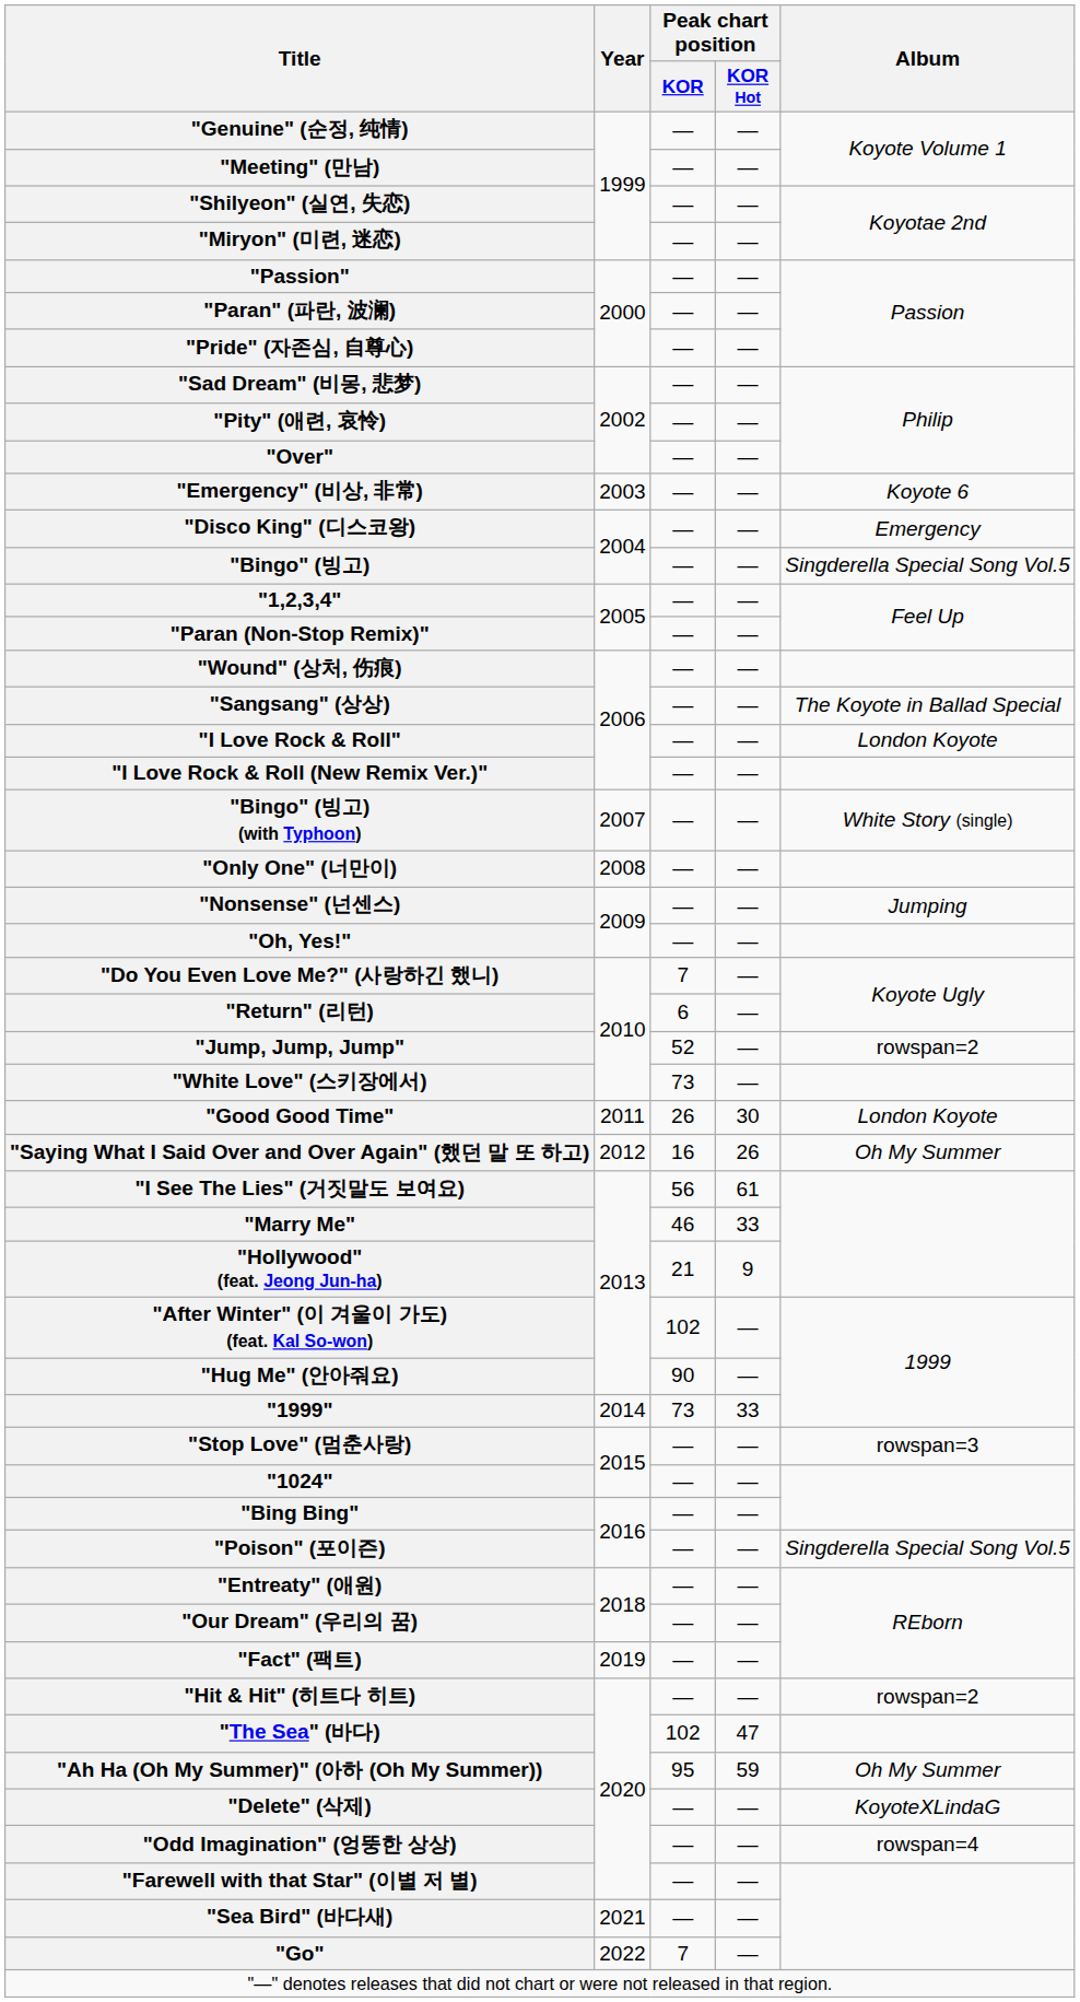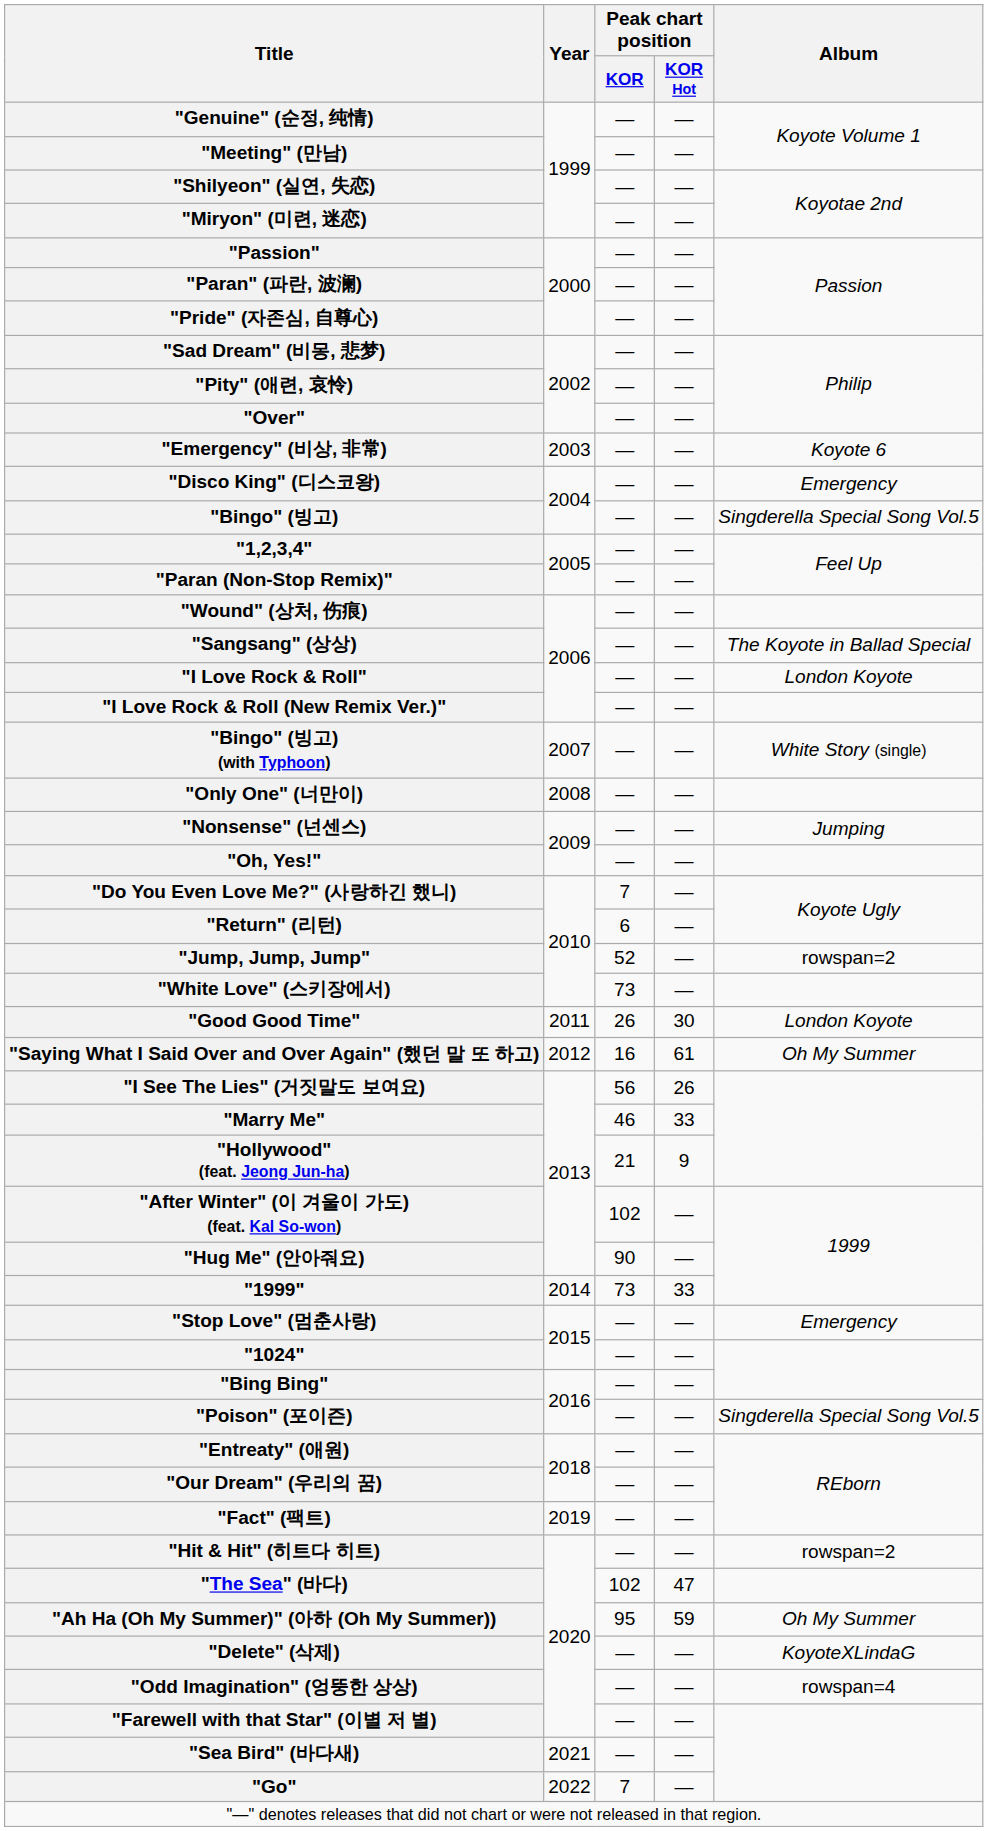 <table class="wikitable plainrowheaders" style="text-align:center;">
 <tr>
 <th scope="col" rowspan="2">Title</th>
 <th scope="col" rowspan="2">Year</th>
 <th scope="col" colspan="2">Peak chart position</th>
 <th scope="col" rowspan="2">Album</th>
 </tr>
 <tr>
 <th scope="col" style="width:3em;font-size:90%;"><a href='#'>KOR</a><br></th>
 <th scope="col" style="width:3em;font-size:90%;"><a href='#'>KOR<br><small>Hot</small></a><br></th>
 </tr>
 <tr>
 <th scope="row">"Genuine" (순정, 纯情)</th>
 <td rowspan="4">1999</td>
 <td>—</td>
 <td>—</td>
 <td rowspan="2"><em>Koyote Volume 1</em></td>
 </tr>
 <tr>
 <th scope="row">"Meeting" (만남)</th>
 <td>—</td>
 <td>—</td>
 </tr>
 <tr>
 <th scope="row">"Shilyeon" (실연, 失恋)</th>
 <td>—</td>
 <td>—</td>
 <td rowspan="2"><em>Koyotae 2nd</em></td>
 </tr>
 <tr>
 <th scope="row">"Miryon" (미련, 迷恋)</th>
 <td>—</td>
 <td>—</td>
 </tr>
 <tr>
 <th scope="row">"Passion"</th>
 <td rowspan="3">2000</td>
 <td>—</td>
 <td>—</td>
 <td rowspan="3"><em>Passion</em></td>
 </tr>
 <tr>
 <th scope="row">"Paran" (파란, 波澜)</th>
 <td>—</td>
 <td>—</td>
 </tr>
 <tr>
 <th scope="row">"Pride" (자존심, 自尊心)</th>
 <td>—</td>
 <td>—</td>
 </tr>
 <tr>
 <th scope="row">"Sad Dream" (비몽, 悲梦)</th>
 <td rowspan="3">2002</td>
 <td>—</td>
 <td>—</td>
 <td rowspan="3"><em>Philip</em></td>
 </tr>
 <tr>
 <th scope="row">"Pity" (애련, 哀怜)</th>
 <td>—</td>
 <td>—</td>
 </tr>
 <tr>
 <th scope="row">"Over"</th>
 <td>—</td>
 <td>—</td>
 </tr>
 <tr>
 <th scope="row">"Emergency" (비상, 非常)</th>
 <td>2003</td>
 <td>—</td>
 <td>—</td>
 <td><em>Koyote 6</em></td>
 </tr>
 <tr>
 <th scope="row">"Disco King" (디스코왕)</th>
 <td rowspan="2">2004</td>
 <td>—</td>
 <td>—</td>
 <td><em>Emergency</em></td>
 </tr>
 <tr>
 <th scope="row">"Bingo" (빙고)</th>
 <td>—</td>
 <td>—</td>
 <td><em>Singderella Special Song Vol.5</em></td>
 </tr>
 <tr>
 <th scope="row">"1,2,3,4"</th>
 <td rowspan="2">2005</td>
 <td>—</td>
 <td>—</td>
 <td rowspan="2"><em>Feel Up</em></td>
 </tr>
 <tr>
 <th scope="row">"Paran (Non-Stop Remix)"</th>
 <td>—</td>
 <td>—</td>
 </tr>
 <tr>
 <th scope="row">"Wound" (상처, 伤痕)</th>
 <td rowspan="4">2006</td>
 <td>—</td>
 <td>—</td>
 <td></td>
 </tr>
 <tr>
 <th scope="row">"Sangsang" (상상)</th>
 <td>—</td>
 <td>—</td>
 <td><em>The Koyote in Ballad Special</em></td>
 </tr>
 <tr>
 <th scope="row">"I Love Rock & Roll"</th>
 <td>—</td>
 <td>—</td>
 <td><em>London Koyote</em></td>
 </tr>
 <tr>
 <th scope="row">"I Love Rock & Roll (New Remix Ver.)"</th>
 <td>—</td>
 <td>—</td>
 <td></td>
 </tr>
 <tr>
 <th scope="row">"Bingo" (빙고)<br><small>(with <a href='#'>Typhoon</a>)</small></th>
 <td>2007</td>
 <td>—</td>
 <td>—</td>
 <td><em>White Story</em> <small>(single)</small></td>
 </tr>
 <tr>
 <th scope="row">"Only One" (너만이)</th>
 <td>2008</td>
 <td>—</td>
 <td>—</td>
 <td></td>
 </tr>
 <tr>
 <th scope="row">"Nonsense" (넌센스)</th>
 <td rowspan="2">2009</td>
 <td>—</td>
 <td>—</td>
 <td><em>Jumping</em></td>
 </tr>
 <tr>
 <th scope="row">"Oh, Yes!"</th>
 <td>—</td>
 <td>—</td>
 <td></td>
 </tr>
 <tr>
 <th scope="row">"Do You Even Love Me?" (사랑하긴 했니)</th>
 <td rowspan="4">2010</td>
 <td>7</td>
 <td>—</td>
 <td rowspan="2"><em>Koyote Ugly</em></td>
 </tr>
 <tr>
 <th scope="row">"Return" (리턴)</th>
 <td>6</td>
 <td>—</td>
 </tr>
 <tr>
 <th scope="row">"Jump, Jump, Jump"</th>
 <td>52</td>
 <td>—</td>
 <td>rowspan=2 </td>
 </tr>
 <tr>
 <th scope="row">"White Love" (스키장에서)</th>
 <td>73</td>
 <td>—</td>
 </tr>
 <tr>
 <th scope="row">"Good Good Time"</th>
 <td>2011</td>
 <td>26</td>
 <td>30</td>
 <td><em>London Koyote</em></td>
 </tr>
 <tr>
 <th scope="row">"Saying What I Said Over and Over Again" (했던 말 또 하고)</th>
 <td>2012</td>
 <td>16</td>
-<td>26</td>
+<td>61</td>
 <td><em>Oh My Summer</em></td>
 </tr>
 <tr>
 <th scope="row">"I See The Lies" (거짓말도 보여요)</th>
 <td rowspan="5">2013</td>
 <td>56</td>
-<td>61</td>
+<td>26</td>
 </tr>
 <tr>
 <th scope="row">"Marry Me"</th>
 <td>46</td>
 <td>33</td>
 </tr>
 <tr>
 <th scope="row">"Hollywood"<br><small>(feat. <a href='#'>Jeong Jun-ha</a>)</small></th>
 <td>21</td>
 <td>9</td>
 </tr>
 <tr>
 <th scope="row">"After Winter" (이 겨울이 가도)<br><small>(feat. <a href='#'>Kal So-won</a>)</small></th>
 <td>102</td>
 <td>—</td>
 <td rowspan="3"><em>1999</em></td>
 </tr>
 <tr>
 <th scope="row">"Hug Me" (안아줘요)</th>
 <td>90</td>
 <td>—</td>
 </tr>
 <tr>
 <th scope="row">"1999"</th>
 <td>2014</td>
 <td>73</td>
 <td>33</td>
 </tr>
 <tr>
 <th scope="row">"Stop Love" (멈춘사랑)</th>
 <td rowspan=2>2015</td>
 <td>—</td>
 <td>—</td>
-<td>rowspan=3 </td>
+<td><em>Emergency</em></td>
 </tr>
 <tr>
 <th scope="row">"1024"</th>
 <td>—</td>
 <td>—</td>
 </tr>
 <tr>
 <th scope="row">"Bing Bing"</th>
 <td rowspan=2>2016</td>
 <td>—</td>
 <td>—</td>
 </tr>
 <tr>
 <th scope="row">"Poison" (포이즌)</th>
 <td>—</td>
 <td>—</td>
 <td><em>Singderella Special Song Vol.5</em></td>
 </tr>
 <tr>
 <th scope="row">"Entreaty" (애원)</th>
 <td rowspan="2">2018</td>
 <td>—</td>
 <td>—</td>
 <td rowspan="3"><em>REborn</em></td>
 </tr>
 <tr>
 <th scope="row">"Our Dream" (우리의 꿈)</th>
 <td>—</td>
 <td>—</td>
 </tr>
 <tr>
 <th scope="row">"Fact" (팩트)</th>
 <td>2019</td>
 <td>—</td>
 <td>—</td>
 </tr>
 <tr>
 <th scope="row">"Hit & Hit" (히트다 히트)</th>
 <td rowspan="6">2020</td>
 <td>—</td>
 <td>—</td>
 <td>rowspan=2 </td>
 </tr>
 <tr>
 <th scope="row">"<a href='#'>The Sea</a>" (바다)</th>
 <td>102</td>
 <td>47</td>
 </tr>
 <tr>
 <th scope="row">"Ah Ha (Oh My Summer)" (아하 (Oh My Summer))</th>
 <td>95</td>
 <td>59</td>
 <td><em>Oh My Summer</em></td>
 </tr>
 <tr>
 <th scope="row">"Delete" (삭제)</th>
 <td>—</td>
 <td>—</td>
 <td><em>KoyoteXLindaG</em></td>
 </tr>
 <tr>
 <th scope="row">"Odd Imagination" (엉뚱한 상상)</th>
 <td>—</td>
 <td>—</td>
 <td>rowspan=4 </td>
 </tr>
 <tr>
 <th scope="row">"Farewell with that Star" (이별 저 별)</th>
 <td>—</td>
 <td>—</td>
 </tr>
 <tr>
 <th scope="row">"Sea Bird" (바다새)</th>
 <td>2021</td>
 <td>—</td>
 <td>—</td>
 </tr>
 <tr>
 <th scope="row">"Go"</th>
 <td>2022</td>
 <td>7</td>
 <td>—</td>
 </tr>
 <tr>
 <td colspan="5" style="font-size:85%">"—" denotes releases that did not chart or were not released in that region.</td>
 </tr>
 </table>
